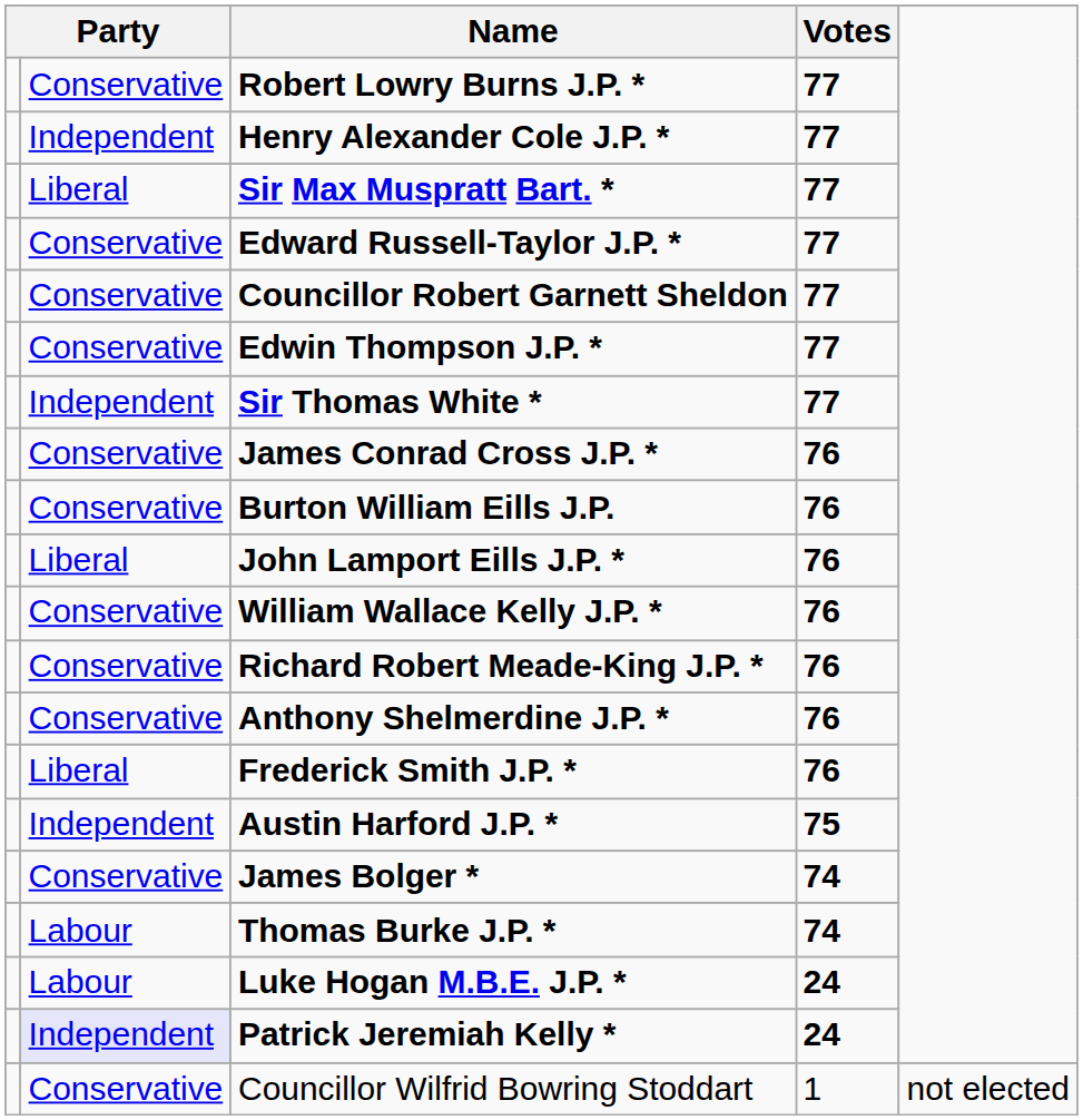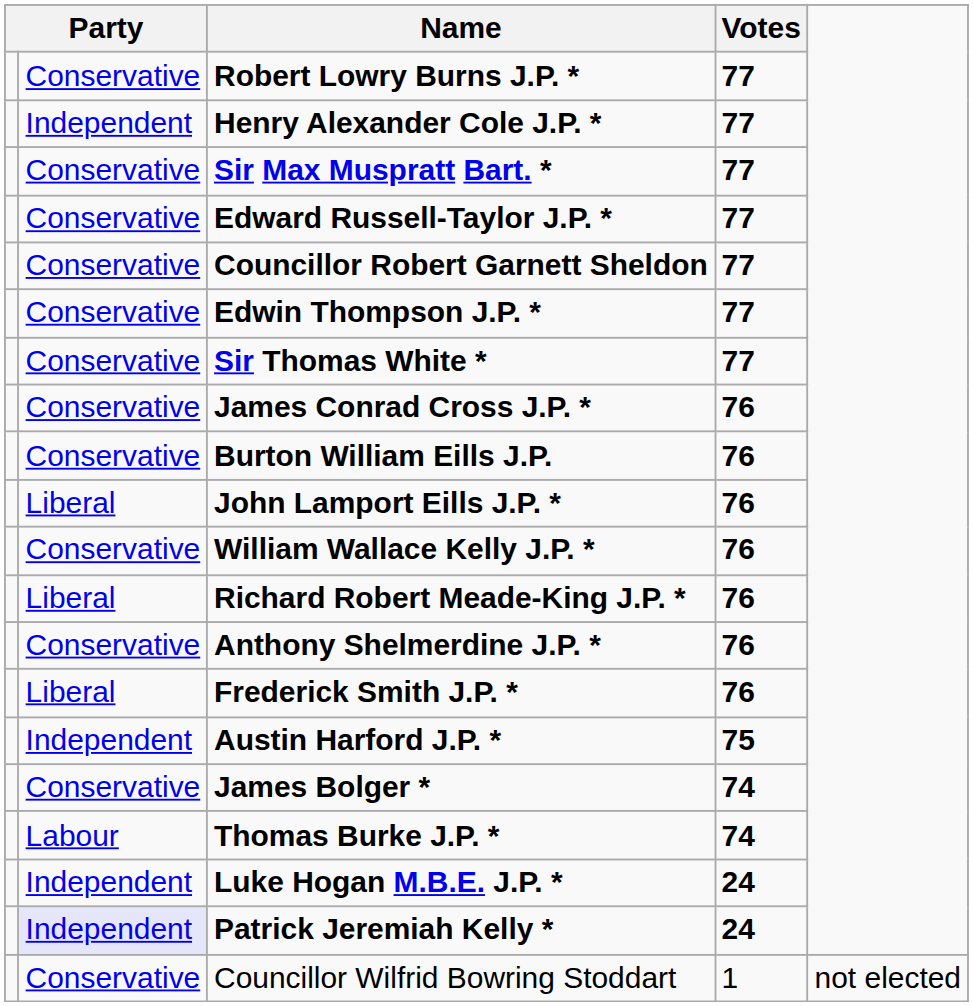 <table class="wikitable">
 <tr>
 <th colspan="2">Party</th>
 <th>Name</th>
 <th>Votes</th>
 </tr>
 <tr>
 <td style="background-color:"></td>
 <td><a href='#'>Conservative</a></td>
 <td><strong>Robert Lowry Burns J.P. *</strong></td>
 <td><strong>77</strong></td>
 </tr>
 <tr>
 <td style="background-color:"></td>
 <td><a href='#'>Independent</a></td>
 <td><strong>Henry Alexander Cole J.P. *</strong></td>
 <td><strong>77</strong></td>
 </tr>
 <tr>
 <td style="background-color:"></td>
-<td><a href='#'>Liberal</a></td>
+<td><a href='#'>Conservative</a></td>
 <td><strong><a href='#'>Sir</a> <a href='#'>Max Muspratt</a> <a href='#'>Bart.</a> *</strong></td>
 <td><strong>77</strong></td>
 </tr>
 <tr>
 <td style="background-color:"></td>
 <td><a href='#'>Conservative</a></td>
 <td><strong>Edward Russell-Taylor J.P. *</strong></td>
 <td><strong>77</strong></td>
 </tr>
 <tr>
 <td style="background-color:"></td>
 <td><a href='#'>Conservative</a></td>
 <td><strong>Councillor Robert Garnett Sheldon</strong></td>
 <td><strong>77</strong></td>
 </tr>
 <tr>
 <td style="background-color:"></td>
 <td><a href='#'>Conservative</a></td>
 <td><strong>Edwin Thompson J.P. *</strong></td>
 <td><strong>77</strong></td>
 </tr>
 <tr>
 <td style="background-color:"></td>
-<td><a href='#'>Independent</a></td>
+<td><a href='#'>Conservative</a></td>
 <td><strong><a href='#'>Sir</a> Thomas White *</strong></td>
 <td><strong>77</strong></td>
 </tr>
 <tr>
 <td style="background-color:"></td>
 <td><a href='#'>Conservative</a></td>
 <td><strong>James Conrad Cross J.P. *</strong></td>
 <td><strong>76</strong></td>
 </tr>
 <tr>
 <td style="background-color:"></td>
 <td><a href='#'>Conservative</a></td>
 <td><strong>Burton William Eills J.P.</strong></td>
 <td><strong>76</strong></td>
 </tr>
 <tr>
 <td style="background-color:"></td>
 <td><a href='#'>Liberal</a></td>
 <td><strong>John Lamport Eills J.P. *</strong></td>
 <td><strong>76</strong></td>
 </tr>
 <tr>
 <td style="background-color:"></td>
 <td><a href='#'>Conservative</a></td>
 <td><strong>William Wallace Kelly J.P. *</strong></td>
 <td><strong>76</strong></td>
 </tr>
 <tr>
 <td style="background-color:"></td>
-<td><a href='#'>Conservative</a></td>
+<td><a href='#'>Liberal</a></td>
 <td><strong>Richard Robert Meade-King J.P. *</strong></td>
 <td><strong>76</strong></td>
 </tr>
 <tr>
 <td style="background-color:"></td>
 <td><a href='#'>Conservative</a></td>
 <td><strong>Anthony Shelmerdine J.P. *</strong></td>
 <td><strong>76</strong></td>
 </tr>
 <tr>
 <td style="background-color:"></td>
 <td><a href='#'>Liberal</a></td>
 <td><strong>Frederick Smith J.P. *</strong></td>
 <td><strong>76</strong></td>
 </tr>
 <tr>
 <td style="background-color:"></td>
 <td><a href='#'>Independent</a></td>
 <td><strong>Austin Harford J.P. *</strong></td>
 <td><strong>75</strong></td>
 </tr>
 <tr>
 <td style="background-color:"></td>
 <td><a href='#'>Conservative</a></td>
 <td><strong>James Bolger *</strong></td>
 <td><strong>74</strong></td>
 </tr>
 <tr>
 <td style="background-color:"></td>
 <td><a href='#'>Labour</a></td>
 <td><strong>Thomas Burke J.P. *</strong></td>
 <td><strong>74</strong></td>
 </tr>
 <tr>
 <td style="background-color:"></td>
-<td><a href='#'>Labour</a></td>
+<td><a href='#'>Independent</a></td>
 <td><strong>Luke Hogan <a href='#'>M.B.E.</a> J.P. *</strong></td>
 <td><strong>24</strong></td>
 </tr>
 <tr>
 <td style="background-color:"></td>
 <td style="background: lavender;"><a href='#'>Independent</a></td>
 <td><strong>Patrick Jeremiah Kelly *</strong></td>
 <td><strong>24</strong></td>
 </tr>
 <tr>
 <td style="background-color:"></td>
 <td><a href='#'>Conservative</a></td>
 <td>Councillor Wilfrid Bowring Stoddart</td>
 <td>1</td>
 <td>not elected</td>
 </tr>
 <tr>
 </tr>
 </table>
